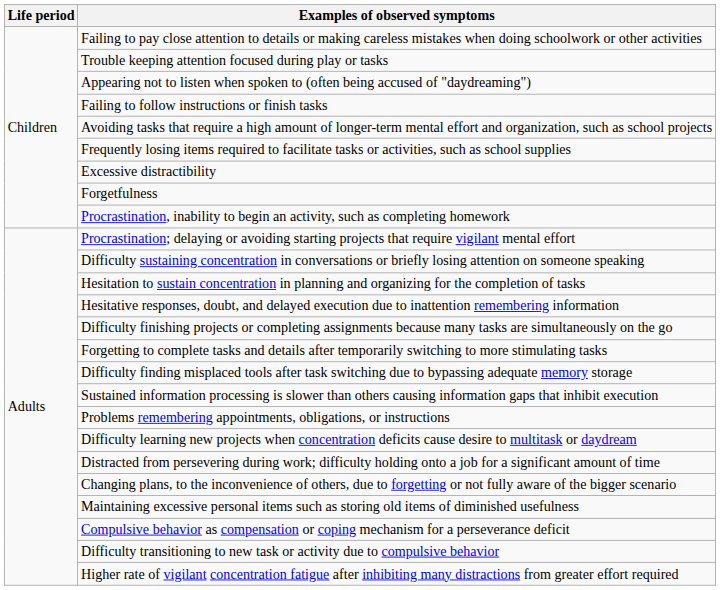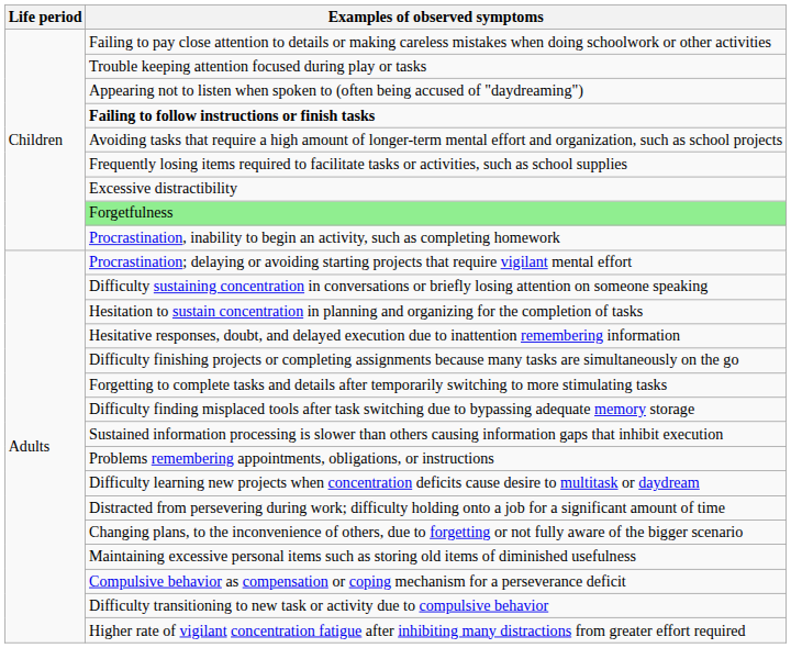 <table class="wikitable">
 <tr>
 <th>Life period</th>
 <th>Examples of observed symptoms</th>
 </tr>
 <tr>
 <td rowspan="9">Children</td>
 <td>Failing to pay close attention to details or making careless mistakes when doing schoolwork or other activities</td>
 </tr>
 <tr>
 <td>Trouble keeping attention focused during play or tasks</td>
 </tr>
 <tr>
 <td>Appearing not to listen when spoken to (often being accused of "daydreaming")</td>
 </tr>
 <tr>
-<td>Failing to follow instructions or finish tasks</td>
+<td><strong>Failing to follow instructions or finish tasks</strong></td>
 </tr>
 <tr>
 <td>Avoiding tasks that require a high amount of longer-term mental effort and organization, such as school projects</td>
 </tr>
 <tr>
 <td>Frequently losing items required to facilitate tasks or activities, such as school supplies</td>
 </tr>
 <tr>
 <td>Excessive distractibility</td>
 </tr>
 <tr>
-<td>Forgetfulness</td>
+<td style="background: lightgreen;">Forgetfulness</td>
 </tr>
 <tr>
 <td><a href='#'>Procrastination</a>, inability to begin an activity, such as completing homework</td>
 </tr>
 <tr>
 <td rowspan="16">Adults</td>
 <td><a href='#'>Procrastination</a>; delaying or avoiding starting projects that require <a href='#'>vigilant</a> mental effort</td>
 </tr>
 <tr>
 <td>Difficulty <a href='#'>sustaining concentration</a> in conversations or briefly losing attention on someone speaking</td>
 </tr>
 <tr>
 <td>Hesitation to <a href='#'>sustain concentration</a> in planning and organizing for the completion of tasks</td>
 </tr>
 <tr>
 <td>Hesitative responses, doubt, and delayed execution due to inattention <a href='#'>remembering</a> information</td>
 </tr>
 <tr>
 <td>Difficulty finishing projects or completing assignments because many tasks are simultaneously on the go</td>
 </tr>
 <tr>
 <td>Forgetting to complete tasks and details after temporarily switching to more stimulating tasks</td>
 </tr>
 <tr>
 <td>Difficulty finding misplaced tools after task switching due to bypassing adequate <a href='#'>memory</a> storage</td>
 </tr>
 <tr>
 <td>Sustained information processing is slower than others causing information gaps that inhibit execution</td>
 </tr>
 <tr>
 <td>Problems <a href='#'>remembering</a> appointments, obligations, or instructions</td>
 </tr>
 <tr>
 <td>Difficulty learning new projects when <a href='#'>concentration</a> deficits cause desire to <a href='#'>multitask</a> or <a href='#'>daydream</a></td>
 </tr>
 <tr>
 <td>Distracted from persevering during work; difficulty holding onto a job for a significant amount of time</td>
 </tr>
 <tr>
 <td>Changing plans, to the inconvenience of others, due to <a href='#'>forgetting</a> or not fully aware of the bigger scenario</td>
 </tr>
 <tr>
 <td>Maintaining excessive personal items such as storing old items of diminished usefulness</td>
 </tr>
 <tr>
 <td><a href='#'>Compulsive behavior</a> as <a href='#'>compensation</a> or <a href='#'>coping</a> mechanism for a perseverance deficit</td>
 </tr>
 <tr>
 <td>Difficulty transitioning to new task or activity due to <a href='#'>compulsive behavior</a></td>
 </tr>
 <tr>
 <td>Higher rate of <a href='#'>vigilant</a> <a href='#'>concentration fatigue</a> after <a href='#'>inhibiting many distractions</a> from greater effort required</td>
 </tr>
 </table>
